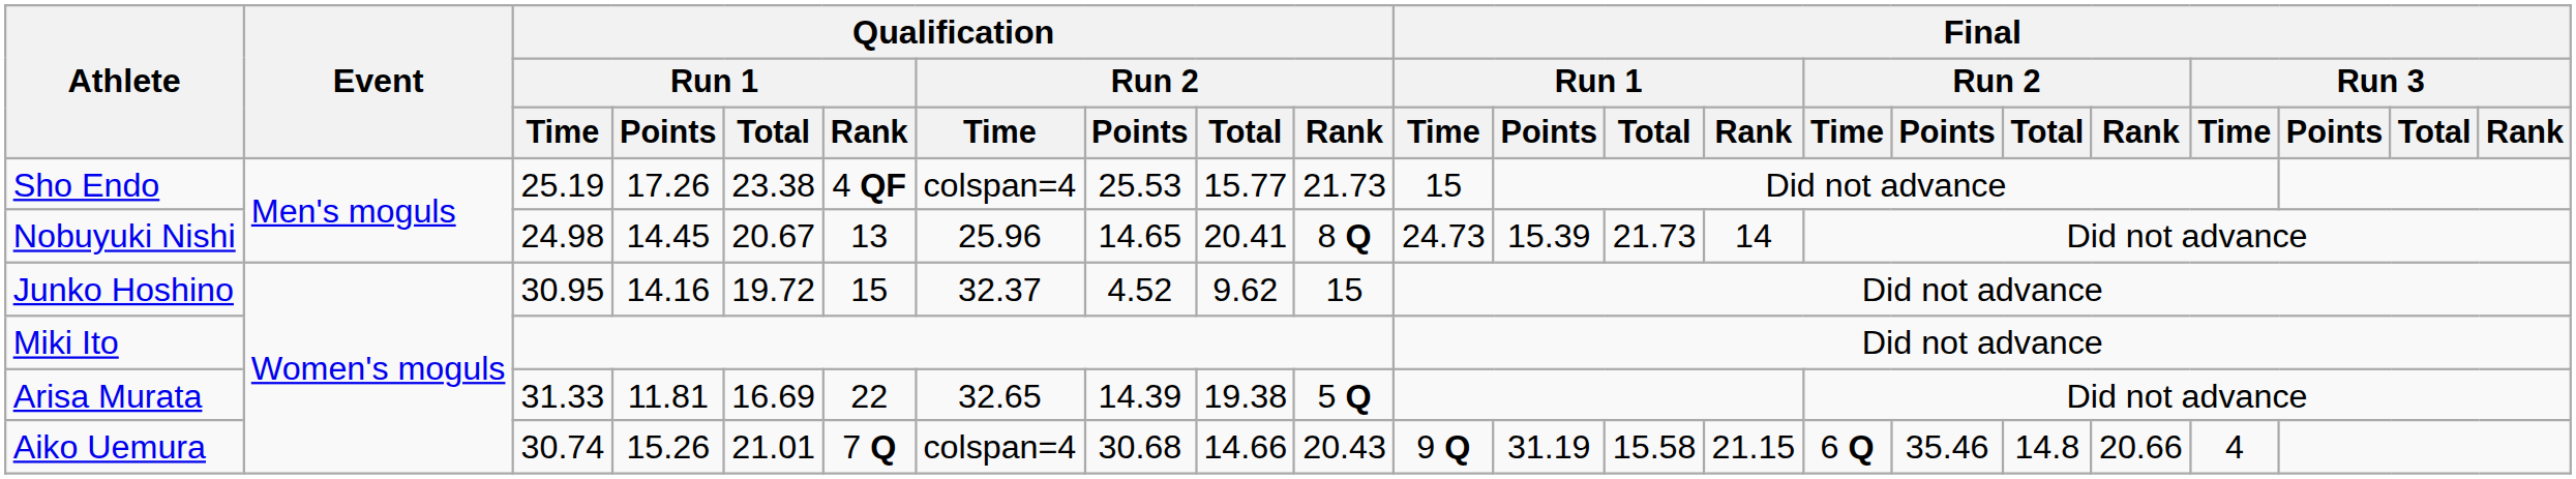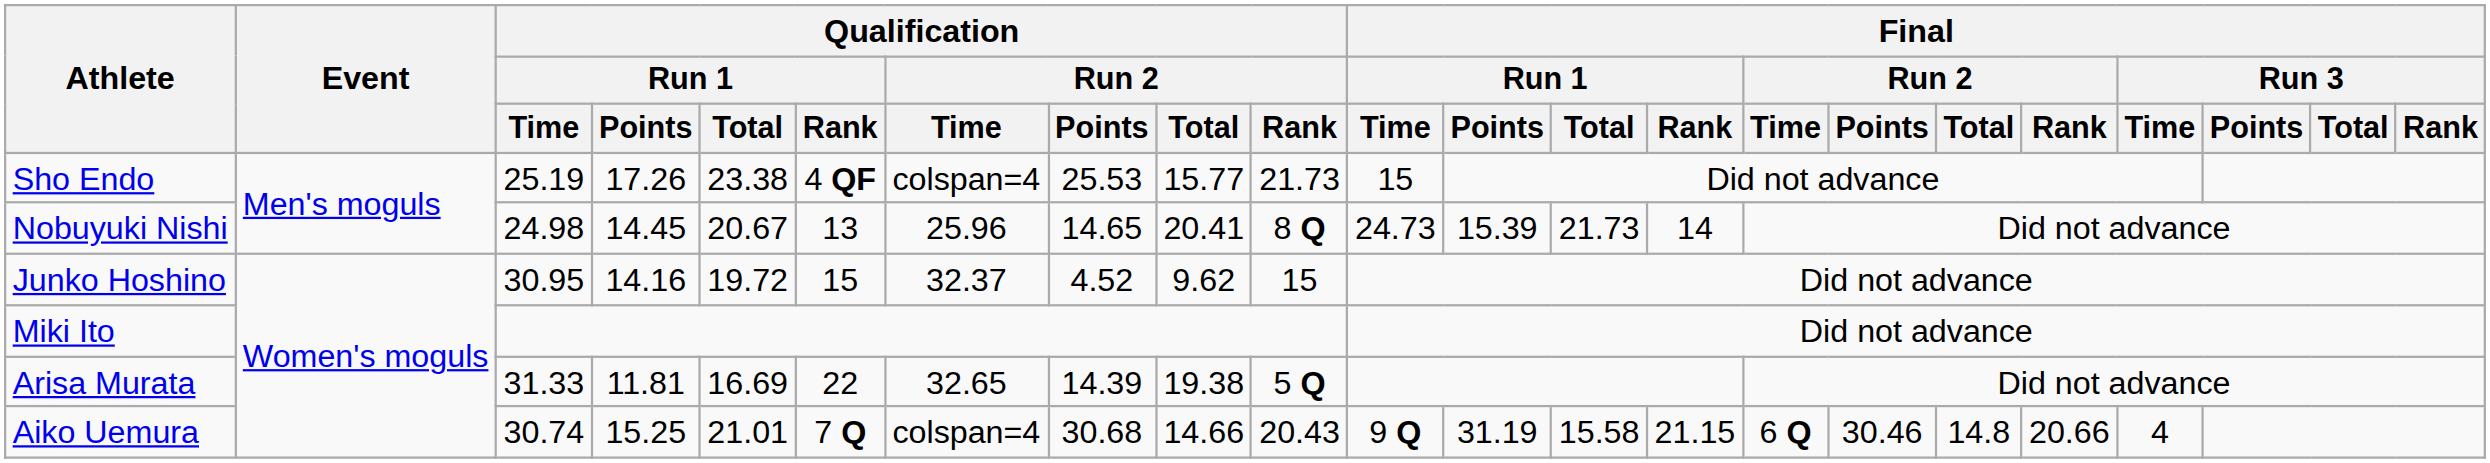 <table class="wikitable" style="font-size:90%">
 <tr>
 <th rowspan=3>Athlete</th>
 <th rowspan=3>Event</th>
 <th colspan=8>Qualification</th>
 <th colspan=12>Final</th>
 </tr>
 <tr style="font-size:95%">
 <th colspan=4>Run 1</th>
 <th colspan=4>Run 2</th>
 <th colspan=4>Run 1</th>
 <th colspan=4>Run 2</th>
 <th colspan=4>Run 3</th>
 </tr>
 <tr style="font-size:95%">
 <th>Time</th>
 <th>Points</th>
 <th>Total</th>
 <th>Rank</th>
 <th>Time</th>
 <th>Points</th>
 <th>Total</th>
 <th>Rank</th>
 <th>Time</th>
 <th>Points</th>
 <th>Total</th>
 <th>Rank</th>
 <th>Time</th>
 <th>Points</th>
 <th>Total</th>
 <th>Rank</th>
 <th>Time</th>
 <th>Points</th>
 <th>Total</th>
 <th>Rank</th>
 </tr>
 <tr align=center>
 <td align=left><a href='#'>Sho Endo</a></td>
 <td align=left rowspan=2><a href='#'>Men's moguls</a></td>
 <td>25.19</td>
 <td>17.26</td>
 <td>23.38</td>
 <td>4 <strong>QF</strong></td>
 <td>colspan=4 </td>
 <td>25.53</td>
 <td>15.77</td>
 <td>21.73</td>
 <td>15</td>
 <td colspan=8>Did not advance</td>
 </tr>
 <tr align=center>
 <td align=left><a href='#'>Nobuyuki Nishi</a></td>
 <td>24.98</td>
 <td>14.45</td>
 <td>20.67</td>
 <td>13</td>
 <td>25.96</td>
 <td>14.65</td>
 <td>20.41</td>
 <td>8 <strong>Q</strong></td>
 <td>24.73</td>
 <td>15.39</td>
 <td>21.73</td>
 <td>14</td>
 <td colspan=8>Did not advance</td>
 </tr>
 <tr align=center>
 <td align=left><a href='#'>Junko Hoshino</a></td>
 <td align=left rowspan=4><a href='#'>Women's moguls</a></td>
 <td>30.95</td>
 <td>14.16</td>
 <td>19.72</td>
 <td>15</td>
 <td>32.37</td>
 <td>4.52</td>
 <td>9.62</td>
 <td>15</td>
 <td colspan=12>Did not advance</td>
 </tr>
 <tr align=center>
 <td align=left><a href='#'>Miki Ito</a></td>
 <td colspan=8></td>
 <td colspan=12>Did not advance</td>
 </tr>
 <tr align=center>
 <td align=left><a href='#'>Arisa Murata</a></td>
 <td>31.33</td>
 <td>11.81</td>
 <td>16.69</td>
 <td>22</td>
 <td>32.65</td>
 <td>14.39</td>
 <td>19.38</td>
 <td>5 <strong>Q</strong></td>
 <td colspan=4></td>
 <td colspan=8>Did not advance</td>
 </tr>
 <tr align=center>
 <td align=left><a href='#'>Aiko Uemura</a></td>
 <td>30.74</td>
-<td>15.26</td>
+<td>15.25</td>
 <td>21.01</td>
 <td>7 <strong>Q</strong></td>
 <td>colspan=4 </td>
 <td>30.68</td>
 <td>14.66</td>
 <td>20.43</td>
 <td>9 <strong>Q</strong></td>
 <td>31.19</td>
 <td>15.58</td>
 <td>21.15</td>
 <td>6 <strong>Q</strong></td>
-<td>35.46</td>
+<td>30.46</td>
 <td>14.8</td>
 <td>20.66</td>
 <td>4</td>
 </tr>
 </table>
